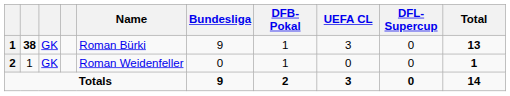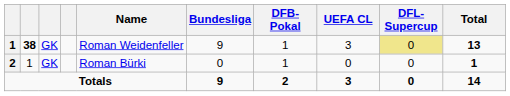 <table class="wikitable" style="text-align:center">
 <tr>
 <th width=15></th>
 <th width=15></th>
 <th width=15></th>
 <th width=15></th>
 <th width=145>Name</th>
 <th width=80><a href='#'>Bundesliga</a></th>
 <th width=80><a href='#'>DFB-Pokal</a></th>
 <th width=80><a href='#'>UEFA CL</a></th>
 <th width=80><a href='#'>DFL-Supercup</a></th>
 <th width=80>Total</th>
 </tr>
 <tr>
 <th>1</th>
 <td><strong>38</strong></td>
 <td><a href='#'>GK</a></td>
 <td></td>
-<td align=left><a href='#'>Roman Bürki</a></td>
+<td align=left><a href='#'>Roman Weidenfeller</a></td>
 <td>9</td>
 <td>1</td>
 <td>3</td>
-<td>0</td>
+<td style="background: khaki;">0</td>
 <td><strong>13</strong></td>
 </tr>
 <tr>
 <th>2</th>
 <td>1</td>
 <td><a href='#'>GK</a></td>
 <td></td>
-<td align=left><a href='#'>Roman Weidenfeller</a></td>
+<td align=left><a href='#'>Roman Bürki</a></td>
 <td>0</td>
 <td>1</td>
 <td>0</td>
 <td>0</td>
 <td><strong>1</strong></td>
 </tr>
 <tr>
 <td colspan=5><strong>Totals</strong></td>
 <td><strong>9</strong></td>
 <td><strong>2</strong></td>
 <td><strong>3</strong></td>
 <td><strong>0</strong></td>
 <td><strong>14</strong></td>
 </tr>
 </table>
